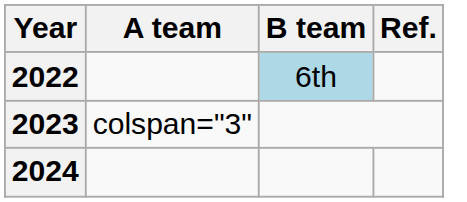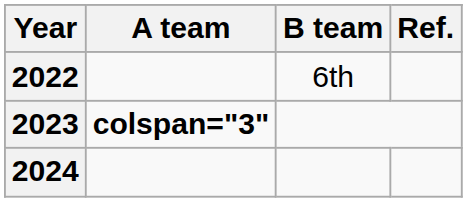 <table class="wikitable" style="text-align: center;">
 <tr>
 <th>Year</th>
 <th>A team</th>
 <th>B team</th>
 <th>Ref.</th>
 </tr>
 <tr>
 <th>2022</th>
 <td></td>
-<td style="background: lightblue;">6th</td>
+<td>6th</td>
 <td></td>
 </tr>
 <tr>
 <th>2023</th>
-<td>colspan="3"</td>
+<td><strong>colspan="3"</strong></td>
 </tr>
 <tr>
 <th>2024</th>
 <td></td>
 <td></td>
 <td></td>
 </tr>
 </table>
